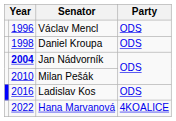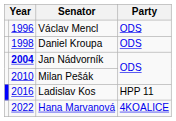 <table class="wikitable">
 <tr>
 <th colspan="2">Year</th>
 <th>Senator</th>
 <th>Party</th>
 </tr>
 <tr>
 <td style="background-color:"></td>
 <td><a href='#'>1996</a></td>
 <td>Václav Mencl</td>
 <td><a href='#'>ODS</a></td>
 </tr>
 <tr>
 <td style="background-color:"></td>
 <td><a href='#'>1998</a></td>
 <td>Daniel Kroupa</td>
 <td><a href='#'>ODS</a></td>
 </tr>
 <tr>
 <td rowspan="2" style="background-color:"></td>
 <td><strong><a href='#'>2004</a></strong></td>
 <td>Jan Nádvorník</td>
 <td rowspan="2"><a href='#'>ODS</a></td>
 </tr>
 <tr>
 <td><a href='#'>2010</a></td>
 <td>Milan Pešák</td>
 </tr>
 <tr>
 <td style="background-color:blue"></td>
 <td><a href='#'>2016</a></td>
 <td>Ladislav Kos</td>
-<td><a href='#'>ODS</a></td>
+<td>HPP 11</td>
 </tr>
 <tr>
 <td style="background-color:"></td>
 <td><a href='#'>2022</a></td>
 <td><a href='#'>Hana Marvanová</a></td>
 <td><a href='#'>4KOALICE</a></td>
 </tr>
 </table>
